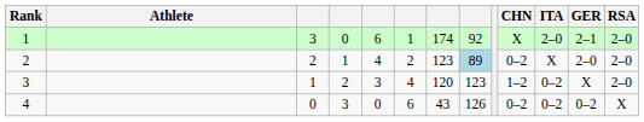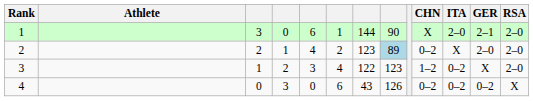 <table class="wikitable" style="text-align:center">
 <tr>
 <th width=40>Rank</th>
 <th width=280>Athlete</th>
 <th width=30></th>
 <th width=30></th>
 <th width=30></th>
 <th width=30></th>
 <th width=30></th>
 <th width=30></th>
 <th rowspan=5></th>
 <th width=30>CHN</th>
 <th width=30>ITA</th>
 <th width=30>GER</th>
 <th width=30>RSA</th>
 </tr>
 <tr style="background-color:#ccffcc;">
 <td>1</td>
 <td align=left></td>
 <td>3</td>
 <td>0</td>
 <td>6</td>
 <td>1</td>
-<td>174</td>
-<td>92</td>
+<td>144</td>
+<td>90</td>
 <td>X</td>
 <td>2–0</td>
 <td>2–1</td>
 <td>2–0</td>
 </tr>
 <tr>
 <td>2</td>
 <td align=left></td>
 <td>2</td>
 <td>1</td>
 <td>4</td>
 <td>2</td>
 <td>123</td>
 <td style="background: lightblue;">89</td>
 <td>0–2</td>
 <td>X</td>
 <td>2–0</td>
 <td>2–0</td>
 </tr>
 <tr>
 <td>3</td>
 <td align=left></td>
 <td>1</td>
 <td>2</td>
 <td>3</td>
 <td>4</td>
-<td>120</td>
+<td>122</td>
 <td>123</td>
 <td>1–2</td>
 <td>0–2</td>
 <td>X</td>
 <td>2–0</td>
 </tr>
 <tr>
 <td>4</td>
 <td align=left></td>
 <td>0</td>
 <td>3</td>
 <td>0</td>
 <td>6</td>
 <td>43</td>
 <td>126</td>
 <td>0–2</td>
 <td>0–2</td>
 <td>0–2</td>
 <td>X</td>
 </tr>
 </table>
